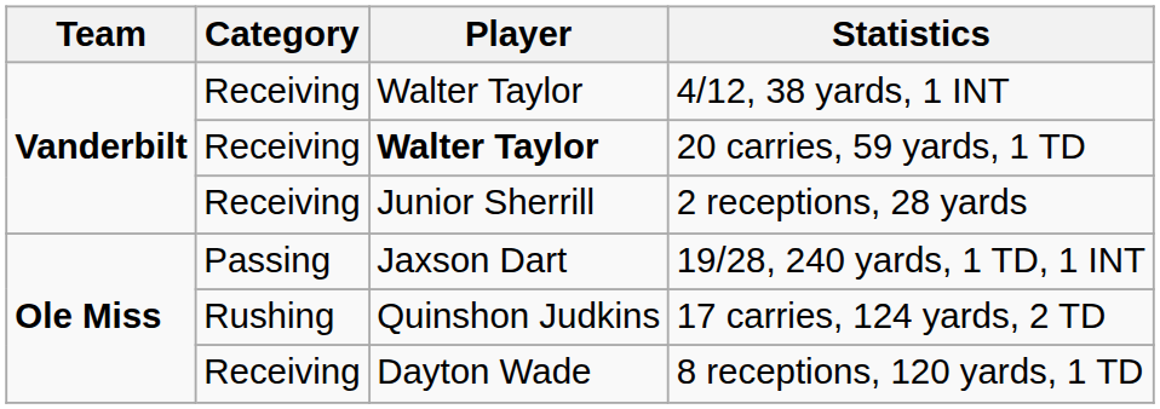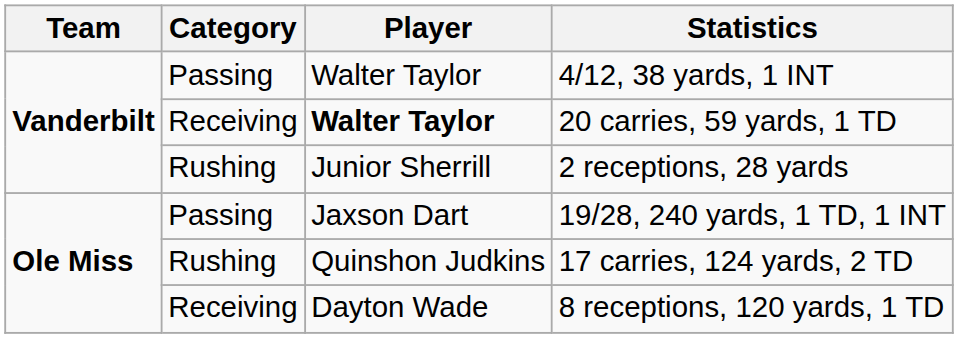 <table class="wikitable" style="float: right;">
 <tr>
 <th>Team</th>
 <th>Category</th>
 <th>Player</th>
 <th>Statistics</th>
 </tr>
 <tr>
 <td rowspan=3><strong>Vanderbilt</strong></td>
-<td>Receiving</td>
+<td>Passing</td>
 <td>Walter Taylor</td>
 <td>4/12, 38 yards, 1 INT</td>
 </tr>
 <tr>
 <td>Receiving</td>
 <td><strong>Walter Taylor</strong></td>
 <td>20 carries, 59 yards, 1 TD</td>
 </tr>
 <tr>
-<td>Receiving</td>
+<td>Rushing</td>
 <td>Junior Sherrill</td>
 <td>2 receptions, 28 yards</td>
 </tr>
 <tr>
 <td rowspan=3><strong>Ole Miss</strong></td>
 <td>Passing</td>
 <td>Jaxson Dart</td>
 <td>19/28, 240 yards, 1 TD, 1 INT</td>
 </tr>
 <tr>
 <td>Rushing</td>
 <td>Quinshon Judkins</td>
 <td>17 carries, 124 yards, 2 TD</td>
 </tr>
 <tr>
 <td>Receiving</td>
 <td>Dayton Wade</td>
 <td>8 receptions, 120 yards, 1 TD</td>
 </tr>
 </table>
